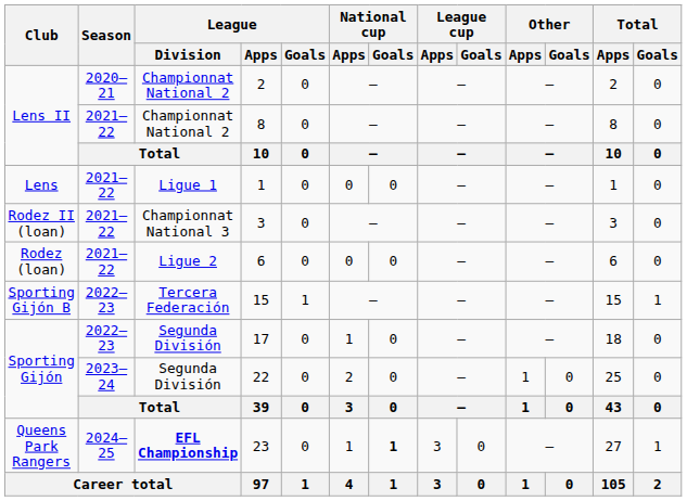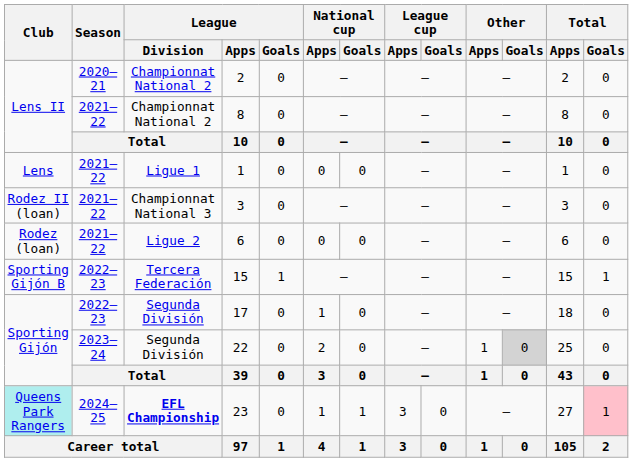 <table class="wikitable" style="text-align: center;">
 <tr>
 <th rowspan="2">Club</th>
 <th rowspan="2">Season</th>
 <th colspan="3">League</th>
 <th colspan="2">National cup</th>
 <th colspan="2">League cup</th>
 <th colspan="2">Other</th>
 <th colspan="2">Total</th>
 </tr>
 <tr>
 <th>Division</th>
 <th>Apps</th>
 <th>Goals</th>
 <th>Apps</th>
 <th>Goals</th>
 <th>Apps</th>
 <th>Goals</th>
 <th>Apps</th>
 <th>Goals</th>
 <th>Apps</th>
 <th>Goals</th>
 </tr>
 <tr>
 <td rowspan=3><a href='#'>Lens II</a></td>
 <td><a href='#'>2020–21</a></td>
 <td><a href='#'>Championnat National 2</a></td>
 <td>2</td>
 <td>0</td>
 <td colspan=2>—</td>
 <td colspan=2>—</td>
 <td colspan=2>—</td>
 <td>2</td>
 <td>0</td>
 </tr>
 <tr>
 <td><a href='#'>2021–22</a></td>
 <td>Championnat National 2</td>
 <td>8</td>
 <td>0</td>
 <td colspan=2>—</td>
 <td colspan=2>—</td>
 <td colspan=2>—</td>
 <td>8</td>
 <td>0</td>
 </tr>
 <tr>
 <th colspan=2>Total</th>
 <th>10</th>
 <th>0</th>
 <th colspan=2>—</th>
 <th colspan=2>—</th>
 <th colspan=2>—</th>
 <th>10</th>
 <th>0</th>
 </tr>
 <tr>
 <td><a href='#'>Lens</a></td>
 <td><a href='#'>2021–22</a></td>
 <td><a href='#'>Ligue 1</a></td>
 <td>1</td>
 <td>0</td>
 <td>0</td>
 <td>0</td>
 <td colspan=2>—</td>
 <td colspan=2>—</td>
 <td>1</td>
 <td>0</td>
 </tr>
 <tr>
 <td><a href='#'>Rodez II</a> (loan)</td>
 <td><a href='#'>2021–22</a></td>
 <td>Championnat National 3</td>
 <td>3</td>
 <td>0</td>
 <td colspan=2>—</td>
 <td colspan=2>—</td>
 <td colspan=2>—</td>
 <td>3</td>
 <td>0</td>
 </tr>
 <tr>
 <td><a href='#'>Rodez</a> (loan)</td>
 <td><a href='#'>2021–22</a></td>
 <td><a href='#'>Ligue 2</a></td>
 <td>6</td>
 <td>0</td>
 <td>0</td>
 <td>0</td>
 <td colspan=2>—</td>
 <td colspan=2>—</td>
 <td>6</td>
 <td>0</td>
 </tr>
 <tr>
 <td><a href='#'>Sporting Gijón B</a></td>
 <td><a href='#'>2022–23</a></td>
 <td><a href='#'>Tercera Federación</a></td>
 <td>15</td>
 <td>1</td>
 <td colspan=2>—</td>
 <td colspan=2>—</td>
 <td colspan=2>—</td>
 <td>15</td>
 <td>1</td>
 </tr>
 <tr>
 <td rowspan=3><a href='#'>Sporting Gijón</a></td>
 <td><a href='#'>2022–23</a></td>
 <td><a href='#'>Segunda División</a></td>
 <td>17</td>
 <td>0</td>
 <td>1</td>
 <td>0</td>
 <td colspan=2>—</td>
 <td colspan=2>—</td>
 <td>18</td>
 <td>0</td>
 </tr>
 <tr>
 <td><a href='#'>2023–24</a></td>
 <td>Segunda División</td>
 <td>22</td>
 <td>0</td>
 <td>2</td>
 <td>0</td>
 <td colspan=2>—</td>
 <td>1</td>
-<td>0</td>
+<td style="background: lightgrey;">0</td>
 <td>25</td>
 <td>0</td>
 </tr>
 <tr>
 <th colspan=2>Total</th>
 <th>39</th>
 <th>0</th>
 <th>3</th>
 <th>0</th>
 <th colspan=2>—</th>
 <th>1</th>
 <th>0</th>
 <th>43</th>
 <th>0</th>
 </tr>
 <tr>
-<td><a href='#'>Queens Park Rangers</a></td>
+<td style="background: paleturquoise;"><a href='#'>Queens Park Rangers</a></td>
 <td><a href='#'>2024–25</a></td>
 <td><strong><a href='#'>EFL Championship</a></strong></td>
 <td>23</td>
 <td>0</td>
 <td>1</td>
-<td><strong>1</strong></td>
+<td>1</td>
 <td>3</td>
 <td>0</td>
 <td colspan=2>—</td>
 <td>27</td>
-<td>1</td>
+<td style="background: pink;">1</td>
 </tr>
 <tr>
 <th colspan="3">Career total</th>
 <th>97</th>
 <th>1</th>
 <th>4</th>
 <th>1</th>
 <th>3</th>
 <th>0</th>
 <th>1</th>
 <th>0</th>
 <th>105</th>
 <th>2</th>
 </tr>
 </table>
